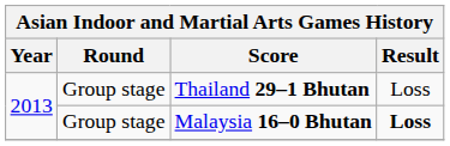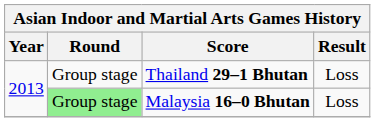 <table class="wikitable" style="text-align: center;">
 <tr>
 <th colspan=4>Asian Indoor and Martial Arts Games History</th>
 </tr>
 <tr>
 <th>Year</th>
 <th>Round</th>
 <th>Score</th>
 <th>Result</th>
 </tr>
 <tr>
 <td rowspan=2><a href='#'>2013</a></td>
 <td>Group stage</td>
 <td align="left"> <a href='#'>Thailand</a> <strong>29–1</strong> <strong>Bhutan</strong> </td>
 <td>Loss</td>
 </tr>
 <tr>
-<td>Group stage</td>
+<td style="background: lightgreen;">Group stage</td>
 <td align="left"> <a href='#'>Malaysia</a> <strong>16–0</strong> <strong>Bhutan</strong> </td>
-<td><strong>Loss</strong></td>
+<td>Loss</td>
 </tr>
 <tr>
 </tr>
 </table>
